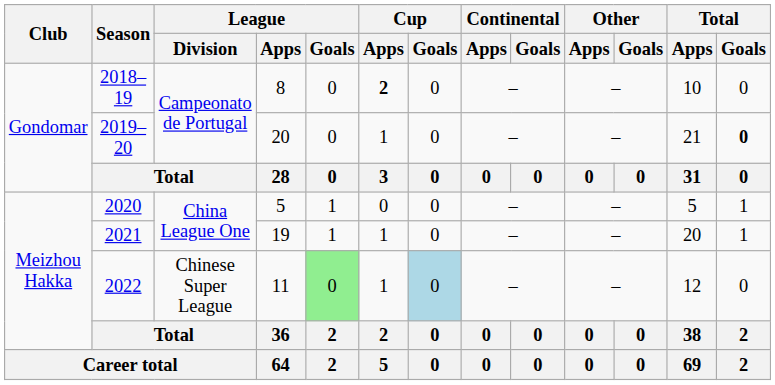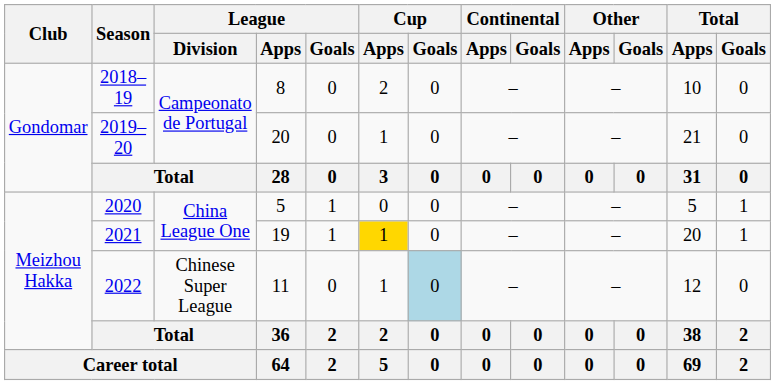 <table class="wikitable" style="text-align: center">
 <tr>
 <th rowspan="2">Club</th>
 <th rowspan="2">Season</th>
 <th colspan="3">League</th>
 <th colspan="2">Cup</th>
 <th colspan="2">Continental</th>
 <th colspan="2">Other</th>
 <th colspan="2">Total</th>
 </tr>
 <tr>
 <th>Division</th>
 <th>Apps</th>
 <th>Goals</th>
 <th>Apps</th>
 <th>Goals</th>
 <th>Apps</th>
 <th>Goals</th>
 <th>Apps</th>
 <th>Goals</th>
 <th>Apps</th>
 <th>Goals</th>
 </tr>
 <tr>
 <td rowspan="3"><a href='#'>Gondomar</a></td>
 <td><a href='#'>2018–19</a></td>
 <td rowspan="2"><a href='#'>Campeonato de Portugal</a></td>
 <td>8</td>
 <td>0</td>
-<td><strong>2</strong></td>
+<td>2</td>
 <td>0</td>
 <td colspan="2">–</td>
 <td colspan="2">–</td>
 <td>10</td>
 <td>0</td>
 </tr>
 <tr>
 <td><a href='#'>2019–20</a></td>
 <td>20</td>
 <td>0</td>
 <td>1</td>
 <td>0</td>
 <td colspan="2">–</td>
 <td colspan="2">–</td>
 <td>21</td>
-<td><strong>0</strong></td>
+<td>0</td>
 </tr>
 <tr>
 <th colspan=2>Total</th>
 <th>28</th>
 <th>0</th>
 <th>3</th>
 <th>0</th>
 <th>0</th>
 <th>0</th>
 <th>0</th>
 <th>0</th>
 <th>31</th>
 <th>0</th>
 </tr>
 <tr>
 <td rowspan="4"><a href='#'>Meizhou Hakka</a></td>
 <td><a href='#'>2020</a></td>
 <td rowspan="2"><a href='#'>China League One</a></td>
 <td>5</td>
 <td>1</td>
 <td>0</td>
 <td>0</td>
 <td colspan="2">–</td>
 <td colspan="2">–</td>
 <td>5</td>
 <td>1</td>
 </tr>
 <tr>
 <td><a href='#'>2021</a></td>
 <td>19</td>
 <td>1</td>
-<td>1</td>
+<td style="background: gold;">1</td>
 <td>0</td>
 <td colspan="2">–</td>
 <td colspan="2">–</td>
 <td>20</td>
 <td>1</td>
 </tr>
 <tr>
 <td><a href='#'>2022</a></td>
 <td>Chinese Super League</td>
 <td>11</td>
-<td style="background: lightgreen;">0</td>
+<td>0</td>
 <td>1</td>
 <td style="background: lightblue;">0</td>
 <td colspan="2">–</td>
 <td colspan="2">–</td>
 <td>12</td>
 <td>0</td>
 </tr>
 <tr>
 <th colspan=2>Total</th>
 <th>36</th>
 <th>2</th>
 <th>2</th>
 <th>0</th>
 <th>0</th>
 <th>0</th>
 <th>0</th>
 <th>0</th>
 <th>38</th>
 <th>2</th>
 </tr>
 <tr>
 <th colspan=3>Career total</th>
 <th>64</th>
 <th>2</th>
 <th>5</th>
 <th>0</th>
 <th>0</th>
 <th>0</th>
 <th>0</th>
 <th>0</th>
 <th>69</th>
 <th>2</th>
 </tr>
 </table>
